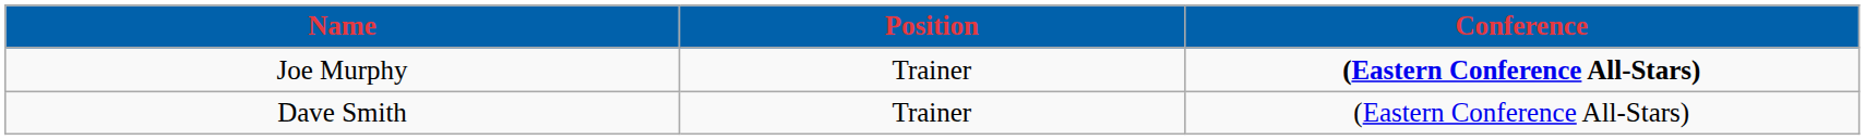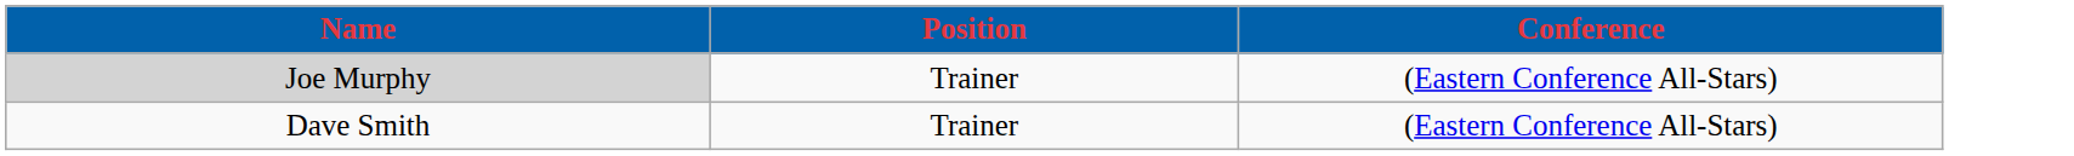 <table class="wikitable sortable sortable">
 <tr>
 <th style="background:#0161AB; color:#E6393F" width="20%">Name</th>
 <th style="background:#0161AB; color:#E6393F" width="15%">Position</th>
 <th style="background:#0161AB; color:#E6393F" width="20%">Conference</th>
 </tr>
 <tr style="text-align: center">
-<td>Joe Murphy</td>
+<td style="background: lightgrey;">Joe Murphy</td>
 <td>Trainer</td>
-<td><strong>(<a href='#'>Eastern Conference</a> All-Stars)</strong></td>
+<td>(<a href='#'>Eastern Conference</a> All-Stars)</td>
 </tr>
 <tr style="text-align: center">
 <td>Dave Smith</td>
 <td>Trainer</td>
 <td>(<a href='#'>Eastern Conference</a> All-Stars)</td>
 </tr>
 </table>
